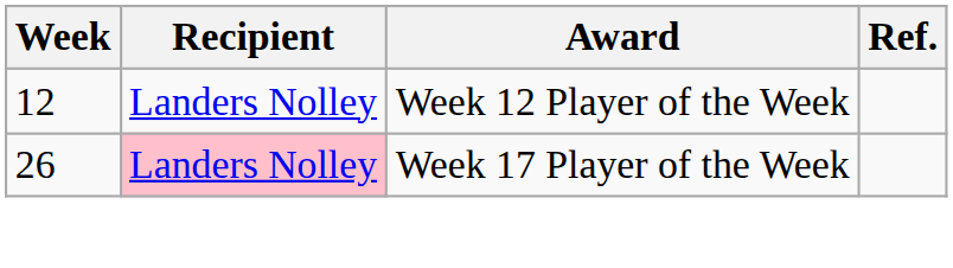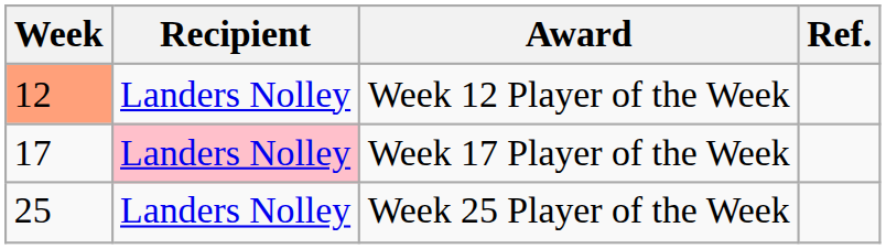 <table class="wikitable">
 <tr>
 <th>Week</th>
 <th>Recipient</th>
 <th>Award</th>
 <th>Ref.</th>
 </tr>
 <tr>
-<td>12</td>
+<td style="background: lightsalmon;">12</td>
 <td><a href='#'>Landers Nolley</a></td>
 <td>Week 12 Player of the Week</td>
 <td></td>
 </tr>
 <tr>
-<td>26</td>
+<td>17</td>
 <td style="background: pink;"><a href='#'>Landers Nolley</a></td>
 <td>Week 17 Player of the Week</td>
 <td></td>
 </tr>
+<tr>
+<td>25</td>
+<td><a href='#'>Landers Nolley</a></td>
+<td>Week 25 Player of the Week</td>
+<td></td>
+</tr>
 </table>
